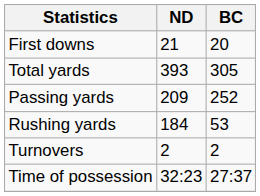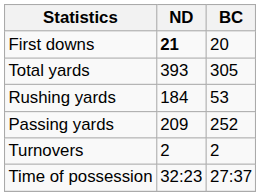 <table class="wikitable">
 <tr>
 <th>Statistics</th>
 <th>ND</th>
 <th>BC</th>
 </tr>
 <tr>
 <td>First downs</td>
-<td>21</td>
+<td><strong>21</strong></td>
 <td>20</td>
 </tr>
 <tr>
 <td>Total yards</td>
 <td>393</td>
 <td>305</td>
 </tr>
 <tr>
+<td>Rushing yards</td>
+<td>184</td>
+<td>53</td>
+</tr>
+<tr>
 <td>Passing yards</td>
 <td>209</td>
 <td>252</td>
-</tr>
-<tr>
-<td>Rushing yards</td>
-<td>184</td>
-<td>53</td>
 </tr>
 <tr>
 <td>Turnovers</td>
 <td>2</td>
 <td>2</td>
 </tr>
 <tr>
 <td>Time of possession</td>
 <td>32:23</td>
 <td>27:37</td>
 </tr>
 <tr>
 </tr>
 </table>
